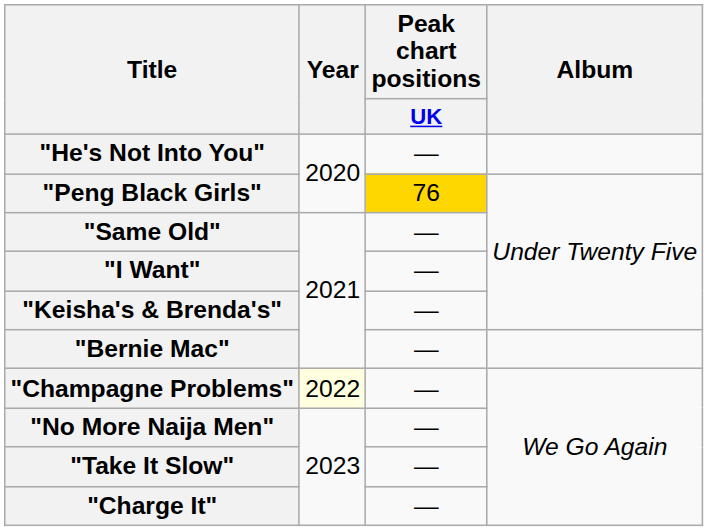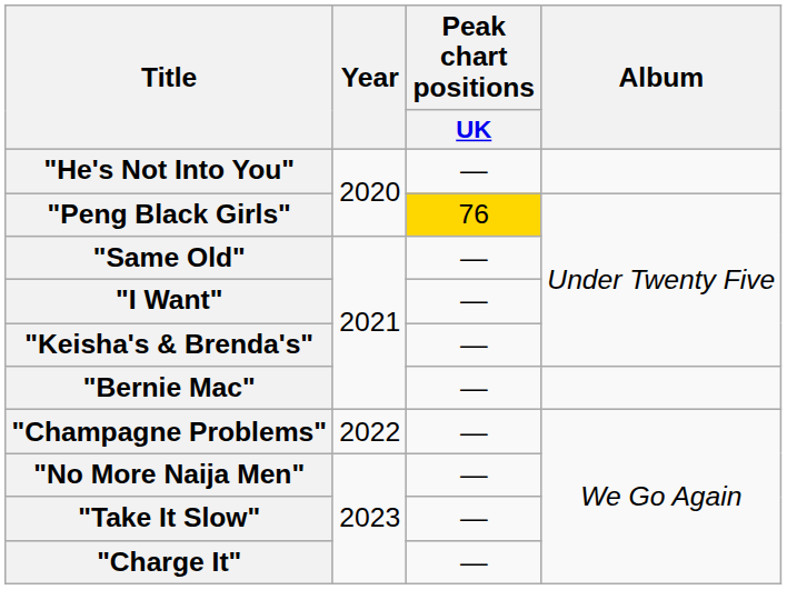 <table class="wikitable plainrowheaders" style="text-align:center;">
 <tr>
 <th rowspan="2" scope="col">Title</th>
 <th rowspan="2" scope="col">Year</th>
 <th colspan="1" scope="col">Peak chart positions</th>
 <th rowspan="2" scope="col">Album</th>
 </tr>
 <tr>
 <th scope="col" style="width:3em;font-size:90%;"><a href='#'>UK</a><br></th>
 </tr>
 <tr>
 <th scope="row">"He's Not Into You"</th>
 <td rowspan="2">2020</td>
 <td>—</td>
 <td></td>
 </tr>
 <tr>
 <th scope="row">"Peng Black Girls"<br></th>
 <td style="background: gold;">76</td>
 <td rowspan="4"><em>Under Twenty Five</em></td>
 </tr>
 <tr>
 <th scope="row">"Same Old"</th>
 <td rowspan="4">2021</td>
 <td>—</td>
 </tr>
 <tr>
 <th scope="row">"I Want"</th>
 <td>—</td>
 </tr>
 <tr>
 <th scope="row">"Keisha's & Brenda's"</th>
 <td>—</td>
 </tr>
 <tr>
 <th scope="row">"Bernie Mac"<br></th>
 <td>—</td>
 <td></td>
 </tr>
 <tr>
 <th scope="row">"Champagne Problems"</th>
-<td rowspan="1" style="background: lightyellow;">2022</td>
+<td rowspan="1">2022</td>
 <td>—</td>
 <td rowspan="4"><em>We Go Again</em></td>
 </tr>
 <tr>
 <th scope="row">"No More Naija Men"</th>
 <td rowspan="3">2023</td>
 <td>—</td>
 </tr>
 <tr>
 <th scope="row">"Take It Slow"<br></th>
 <td>—</td>
 </tr>
 <tr>
 <th scope="row">"Charge It"</th>
 <td>—</td>
 </tr>
 </table>
